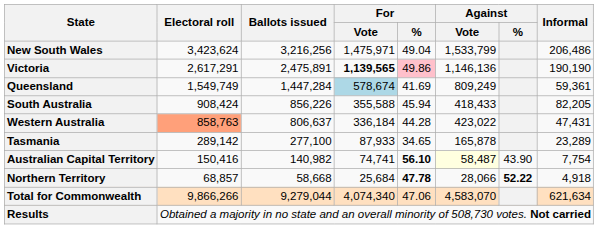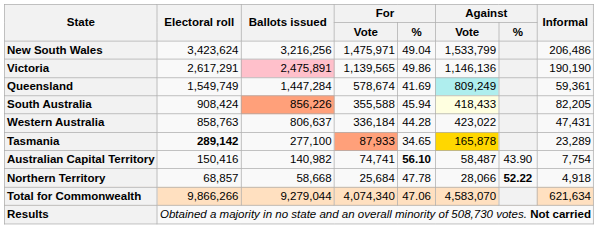 <table class="wikitable">
 <tr align=center>
 <th rowspan="2">State</th>
 <th rowspan="2">Electoral roll</th>
 <th rowspan="2">Ballots issued</th>
 <th align=center colspan="2">For</th>
 <th align=center colspan="2">Against</th>
 <th align=center rowspan="2">Informal</th>
 </tr>
 <tr>
 <th align=center>Vote</th>
 <th align=center>%</th>
 <th align=center>Vote</th>
 <th align=center>%</th>
 </tr>
 <tr align="right">
 <th style="text-align:left;">New South Wales</th>
 <td>3,423,624</td>
 <td>3,216,256</td>
 <td>1,475,971</td>
 <td align="center">49.04</td>
 <td>1,533,799</td>
 <th></th>
 <td>206,486</td>
 </tr>
 <tr align="right">
 <th style="text-align:left;">Victoria</th>
 <td>2,617,291</td>
-<td>2,475,891</td>
-<td><strong>1,139,565</strong></td>
-<td align="center" style="background: pink;">49.86</td>
+<td style="background: pink;">2,475,891</td>
+<td>1,139,565</td>
+<td align="center">49.86</td>
 <td>1,146,136</td>
 <th></th>
 <td>190,190</td>
 </tr>
 <tr align="right">
 <th style="text-align:left;">Queensland</th>
 <td>1,549,749</td>
 <td>1,447,284</td>
-<td style="background: lightblue;">578,674</td>
+<td>578,674</td>
 <td align="center">41.69</td>
-<td>809,249</td>
+<td style="background: paleturquoise;">809,249</td>
 <th></th>
 <td>59,361</td>
 </tr>
 <tr align="right">
 <th style="text-align:left;">South Australia</th>
 <td>908,424</td>
-<td>856,226</td>
+<td style="background: lightsalmon;">856,226</td>
 <td>355,588</td>
 <td align="center">45.94</td>
-<td>418,433</td>
+<td style="background: lightyellow;">418,433</td>
 <th></th>
 <td>82,205</td>
 </tr>
 <tr align="right">
 <th style="text-align:left;">Western Australia</th>
-<td style="background: lightsalmon;">858,763</td>
+<td>858,763</td>
 <td>806,637</td>
 <td>336,184</td>
 <td align="center">44.28</td>
 <td>423,022</td>
 <th></th>
 <td>47,431</td>
 </tr>
 <tr align="right">
 <th style="text-align:left;">Tasmania</th>
-<td>289,142</td>
+<td><strong>289,142</strong></td>
 <td>277,100</td>
-<td>87,933</td>
+<td style="background: lightsalmon;">87,933</td>
 <td align="center">34.65</td>
-<td>165,878</td>
+<td style="background: gold;">165,878</td>
 <th></th>
 <td>23,289</td>
 </tr>
 <tr align="right">
 <th style="text-align:left;">Australian Capital Territory</th>
 <td>150,416</td>
 <td>140,982</td>
 <td>74,741</td>
 <td align="center"><strong>56.10</strong></td>
-<td style="background: lightyellow;">58,487</td>
+<td>58,487</td>
 <td align="center">43.90</td>
 <td>7,754</td>
 </tr>
 <tr align="right">
 <th style="text-align:left;">Northern Territory</th>
 <td>68,857</td>
 <td>58,668</td>
 <td>25,684</td>
-<td align="center"><strong>47.78</strong></td>
+<td align="center">47.78</td>
 <td>28,066</td>
 <td align="center"><strong>52.22</strong></td>
 <td>4,918</td>
 </tr>
 <tr bgcolor="#FFE0C0" align="right">
 <th style="text-align:left">Total for Commonwealth</th>
 <td>9,866,266</td>
 <td>9,279,044</td>
 <td>4,074,340</td>
 <td align="center">47.06</td>
 <td>4,583,070</td>
 <th></th>
 <td>621,634</td>
 </tr>
 <tr>
 <th style="text-align:left;">Results</th>
 <td colSpan="8"><em>Obtained a majority in no state and an overall minority of 508,730 votes.</em> <strong>Not carried</strong></td>
 </tr>
 </table>
